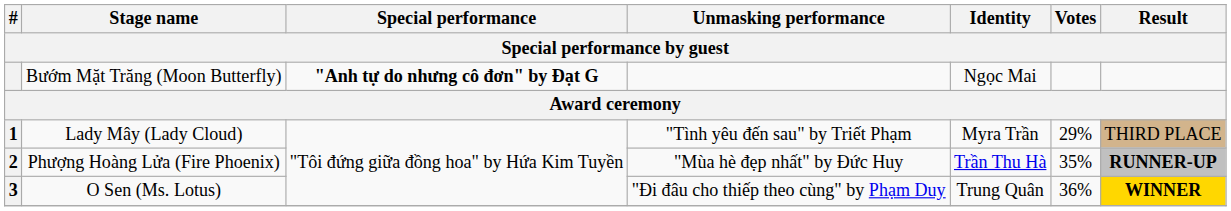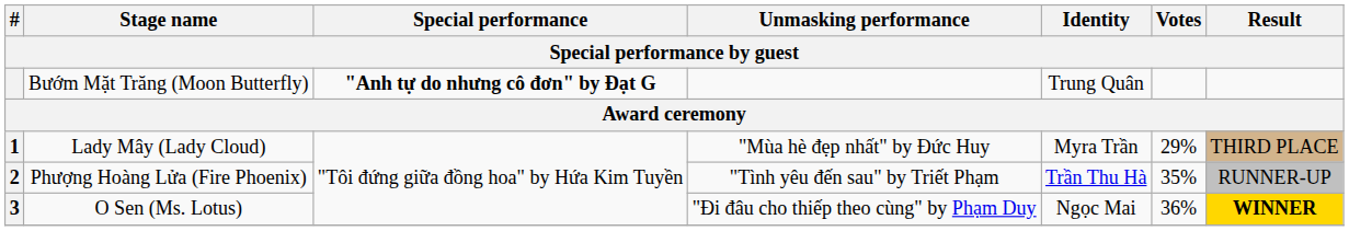 <table class="wikitable plainrowheaders" style="text-align: center;">
 <tr>
 <th>#</th>
 <th>Stage name</th>
 <th>Special performance</th>
 <th>Unmasking performance</th>
 <th>Identity</th>
 <th>Votes</th>
 <th>Result</th>
 </tr>
 <tr>
 <th colspan="7">Special performance by guest</th>
 </tr>
 <tr>
 <th></th>
 <td>Bướm Mặt Trăng (Moon Butterfly)</td>
 <td><strong>"Anh tự do nhưng cô đơn" by Đạt G</strong></td>
 <td></td>
-<td>Ngọc Mai</td>
+<td>Trung Quân</td>
 <td></td>
 <td></td>
 </tr>
 <tr>
 <th colspan="7">Award ceremony</th>
 </tr>
 <tr>
 <th>1</th>
 <td>Lady Mây (Lady Cloud)</td>
 <td rowspan="3">"Tôi đứng giữa đồng hoa" by Hứa Kim Tuyền</td>
-<td>"Tình yêu đến sau" by Triết Phạm</td>
+<td>"Mùa hè đẹp nhất" by Đức Huy</td>
 <td>Myra Trần</td>
 <td>29%<br></td>
 <td bgcolor="tan">THIRD PLACE</td>
 </tr>
 <tr>
 <th>2</th>
 <td>Phượng Hoàng Lửa (Fire Phoenix)</td>
-<td>"Mùa hè đẹp nhất" by Đức Huy</td>
+<td>"Tình yêu đến sau" by Triết Phạm</td>
 <td><a href='#'>Trần Thu Hà</a></td>
 <td>35%<br></td>
-<td bgcolor="silver"><strong>RUNNER-UP</strong></td>
+<td bgcolor="silver">RUNNER-UP</td>
 </tr>
 <tr>
 <th>3</th>
 <td>O Sen (Ms. Lotus)</td>
 <td>"Đi đâu cho thiếp theo cùng" by <a href='#'>Phạm Duy</a></td>
-<td>Trung Quân</td>
+<td>Ngọc Mai</td>
 <td>36%<br></td>
 <td bgcolor="gold"><strong>WINNER</strong></td>
 </tr>
 <tr>
 </tr>
 </table>
